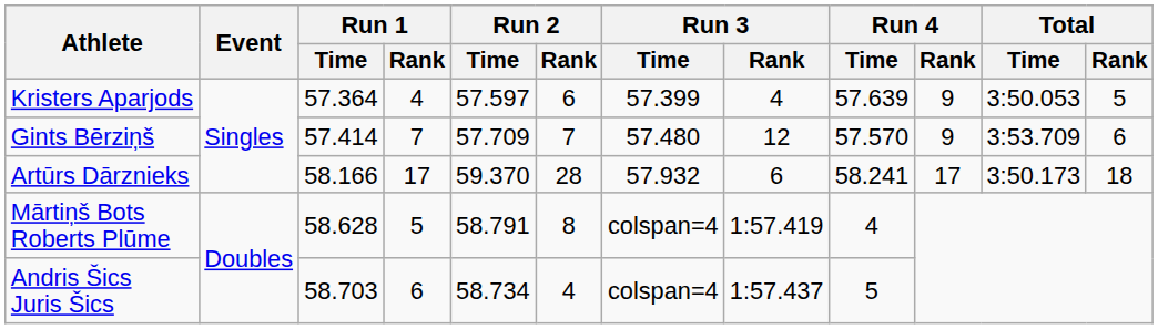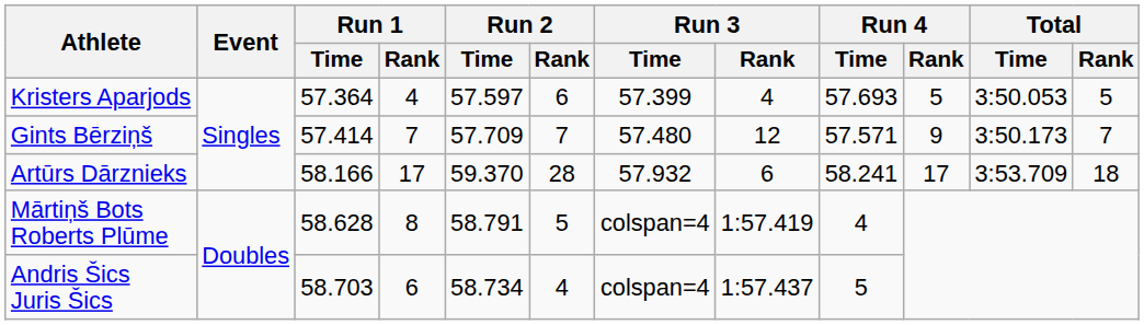 <table class=wikitable style="text-align:center; font-size:90%">
 <tr>
 <th rowspan="2">Athlete</th>
 <th rowspan="2">Event</th>
 <th colspan=2>Run 1</th>
 <th colspan=2>Run 2</th>
 <th colspan=2>Run 3</th>
 <th colspan=2>Run 4</th>
 <th colspan=2>Total</th>
 </tr>
 <tr style="font-size:95%">
 <th>Time</th>
 <th>Rank</th>
 <th>Time</th>
 <th>Rank</th>
 <th>Time</th>
 <th>Rank</th>
 <th>Time</th>
 <th>Rank</th>
 <th>Time</th>
 <th>Rank</th>
 </tr>
 <tr>
 <td align=left><a href='#'>Kristers Aparjods</a></td>
 <td align=left rowspan=3><a href='#'>Singles</a></td>
 <td>57.364</td>
 <td>4</td>
 <td>57.597</td>
 <td>6</td>
 <td>57.399</td>
 <td>4</td>
-<td>57.639</td>
-<td>9</td>
+<td>57.693</td>
+<td>5</td>
 <td>3:50.053</td>
 <td>5</td>
 </tr>
 <tr>
 <td align=left><a href='#'>Gints Bērziņš</a></td>
 <td>57.414</td>
 <td>7</td>
 <td>57.709</td>
 <td>7</td>
 <td>57.480</td>
 <td>12</td>
-<td>57.570</td>
+<td>57.571</td>
 <td>9</td>
-<td>3:53.709</td>
-<td>6</td>
+<td>3:50.173</td>
+<td>7</td>
 </tr>
 <tr>
 <td align=left><a href='#'>Artūrs Dārznieks</a></td>
 <td>58.166</td>
 <td>17</td>
 <td>59.370</td>
 <td>28</td>
 <td>57.932</td>
 <td>6</td>
 <td>58.241</td>
 <td>17</td>
-<td>3:50.173</td>
+<td>3:53.709</td>
 <td>18</td>
 </tr>
 <tr>
 <td align=left><a href='#'>Mārtiņš Bots</a><br><a href='#'>Roberts Plūme</a></td>
 <td align=left rowspan=2><a href='#'>Doubles</a></td>
 <td>58.628</td>
+<td>8</td>
+<td>58.791</td>
 <td>5</td>
-<td>58.791</td>
-<td>8</td>
 <td>colspan=4 </td>
 <td>1:57.419</td>
 <td>4</td>
 </tr>
 <tr>
 <td align=left><a href='#'>Andris Šics</a><br><a href='#'>Juris Šics</a></td>
 <td>58.703</td>
 <td>6</td>
 <td>58.734</td>
 <td>4</td>
 <td>colspan=4 </td>
 <td>1:57.437</td>
 <td>5</td>
 </tr>
 </table>
